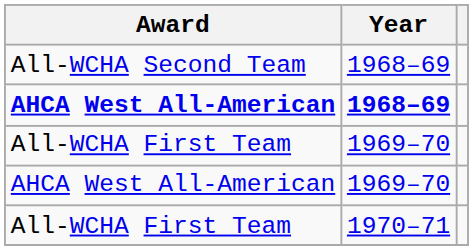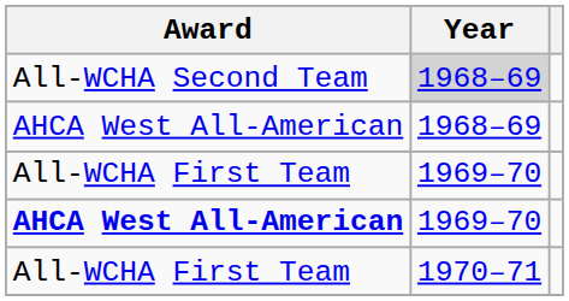 <table class="wikitable">
 <tr>
 <th>Award</th>
 <th>Year</th>
 <th></th>
 </tr>
 <tr>
 <td>All-<a href='#'>WCHA</a> <a href='#'>Second Team</a></td>
-<td><a href='#'>1968–69</a></td>
+<td style="background: lightgrey;"><a href='#'>1968–69</a></td>
 <td></td>
 </tr>
 <tr>
-<td><strong><a href='#'>AHCA</a> <a href='#'>West All-American</a></strong></td>
-<td><strong><a href='#'>1968–69</a></strong></td>
+<td><a href='#'>AHCA</a> <a href='#'>West All-American</a></td>
+<td><a href='#'>1968–69</a></td>
 <td></td>
 </tr>
 <tr>
 <td>All-<a href='#'>WCHA</a> <a href='#'>First Team</a></td>
 <td><a href='#'>1969–70</a></td>
 <td></td>
 </tr>
 <tr>
-<td><a href='#'>AHCA</a> <a href='#'>West All-American</a></td>
+<td><strong><a href='#'>AHCA</a> <a href='#'>West All-American</a></strong></td>
 <td><a href='#'>1969–70</a></td>
 <td></td>
 </tr>
 <tr>
 <td>All-<a href='#'>WCHA</a> <a href='#'>First Team</a></td>
 <td><a href='#'>1970–71</a></td>
 <td></td>
 </tr>
 <tr>
 </tr>
 </table>
